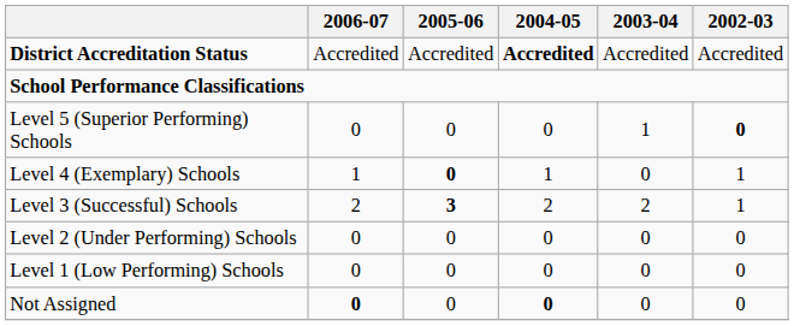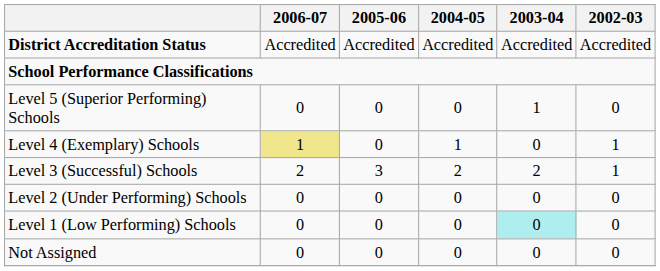 <table class="wikitable" style="font-size: 95%;">
 <tr>
 <th></th>
 <th>2006-07</th>
 <th>2005-06</th>
 <th>2004-05</th>
 <th>2003-04</th>
 <th>2002-03</th>
 </tr>
 <tr>
 <td align="left"><strong>District Accreditation Status</strong></td>
 <td align="center">Accredited</td>
 <td align="center">Accredited</td>
-<td align="center"><strong>Accredited</strong></td>
+<td align="center">Accredited</td>
 <td align="center">Accredited</td>
 <td align="center">Accredited</td>
 </tr>
 <tr>
 <td align="left" colspan="6"><strong>School Performance Classifications</strong></td>
 </tr>
 <tr>
 <td align="left">Level 5 (Superior Performing) Schools</td>
 <td align="center">0</td>
 <td align="center">0</td>
 <td align="center">0</td>
 <td align="center">1</td>
-<td align="center"><strong>0</strong></td>
+<td align="center">0</td>
 </tr>
 <tr>
 <td align="left">Level 4 (Exemplary) Schools</td>
-<td align="center">1</td>
-<td align="center"><strong>0</strong></td>
+<td align="center" style="background: khaki;">1</td>
+<td align="center">0</td>
 <td align="center">1</td>
 <td align="center">0</td>
 <td align="center">1</td>
 </tr>
 <tr>
 <td align="left">Level 3 (Successful) Schools</td>
 <td align="center">2</td>
-<td align="center"><strong>3</strong></td>
+<td align="center">3</td>
 <td align="center">2</td>
 <td align="center">2</td>
 <td align="center">1</td>
 </tr>
 <tr>
 <td align="left">Level 2 (Under Performing) Schools</td>
 <td align="center">0</td>
 <td align="center">0</td>
 <td align="center">0</td>
 <td align="center">0</td>
 <td align="center">0</td>
 </tr>
 <tr>
 <td align="left">Level 1 (Low Performing) Schools</td>
 <td align="center">0</td>
 <td align="center">0</td>
 <td align="center">0</td>
-<td align="center">0</td>
+<td align="center" style="background: paleturquoise;">0</td>
 <td align="center">0</td>
 </tr>
 <tr>
 <td align="left">Not Assigned</td>
-<td align="center"><strong>0</strong></td>
 <td align="center">0</td>
-<td align="center"><strong>0</strong></td>
+<td align="center">0</td>
+<td align="center">0</td>
 <td align="center">0</td>
 <td align="center">0</td>
 </tr>
 <tr>
 </tr>
 </table>
